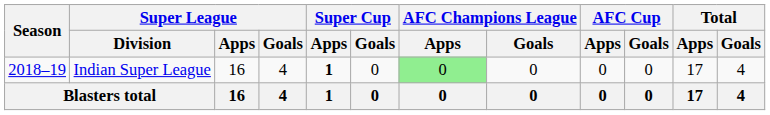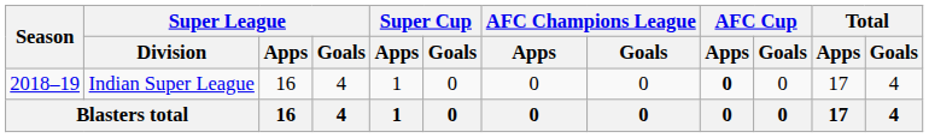 <table class="wikitable" style="text-align: center;">
 <tr>
 <th rowspan="2">Season</th>
 <th colspan="3"><a href='#'>Super League</a></th>
 <th colspan="2"><a href='#'>Super Cup</a></th>
 <th colspan="2"><a href='#'>AFC Champions League</a></th>
 <th colspan="2"><a href='#'>AFC Cup</a></th>
 <th colspan="2">Total</th>
 </tr>
 <tr>
 <th>Division</th>
 <th>Apps</th>
 <th>Goals</th>
 <th>Apps</th>
 <th>Goals</th>
 <th>Apps</th>
 <th>Goals</th>
 <th>Apps</th>
 <th>Goals</th>
 <th>Apps</th>
 <th>Goals</th>
 </tr>
 <tr>
 <td><a href='#'>2018–19</a></td>
 <td><a href='#'>Indian Super League</a></td>
 <td>16</td>
 <td>4</td>
-<td><strong>1</strong></td>
-<td>0</td>
-<td style="background: lightgreen;">0</td>
+<td>1</td>
 <td>0</td>
 <td>0</td>
+<td>0</td>
+<td><strong>0</strong></td>
 <td>0</td>
 <td>17</td>
 <td>4</td>
 </tr>
 <tr>
 <th colspan="2">Blasters total</th>
 <th>16</th>
 <th>4</th>
 <th>1</th>
 <th>0</th>
 <th>0</th>
 <th>0</th>
 <th>0</th>
 <th>0</th>
 <th>17</th>
 <th>4</th>
 </tr>
 </table>
